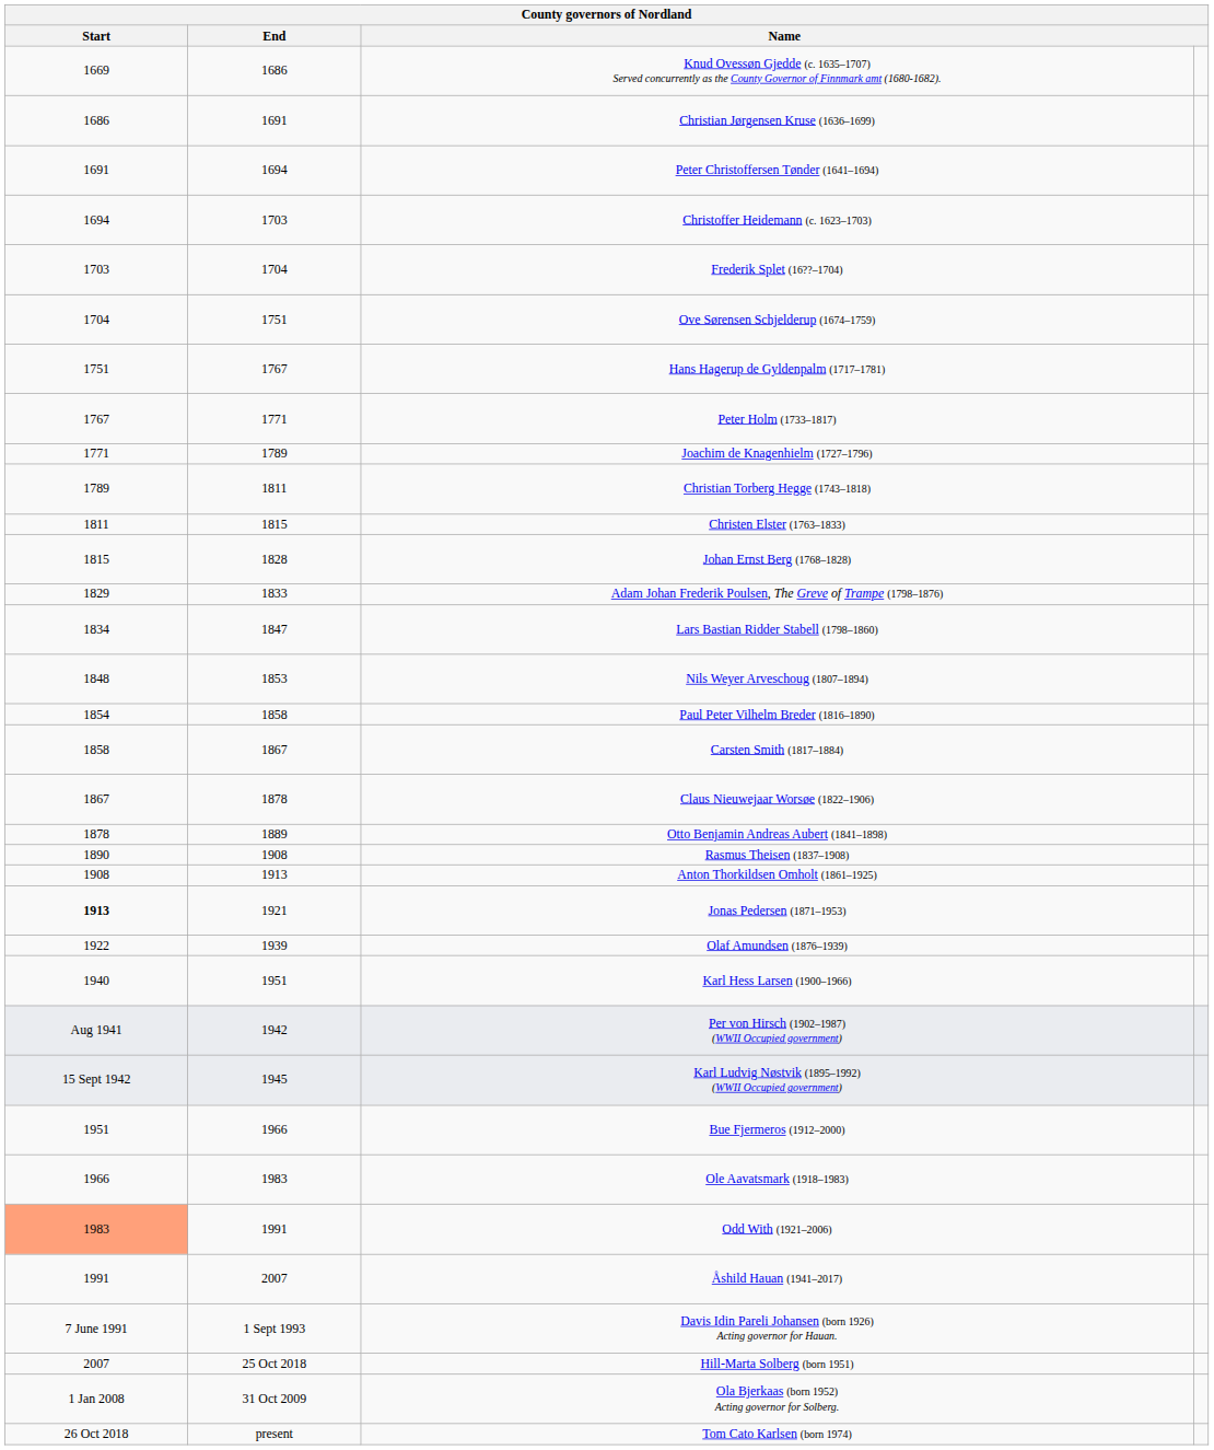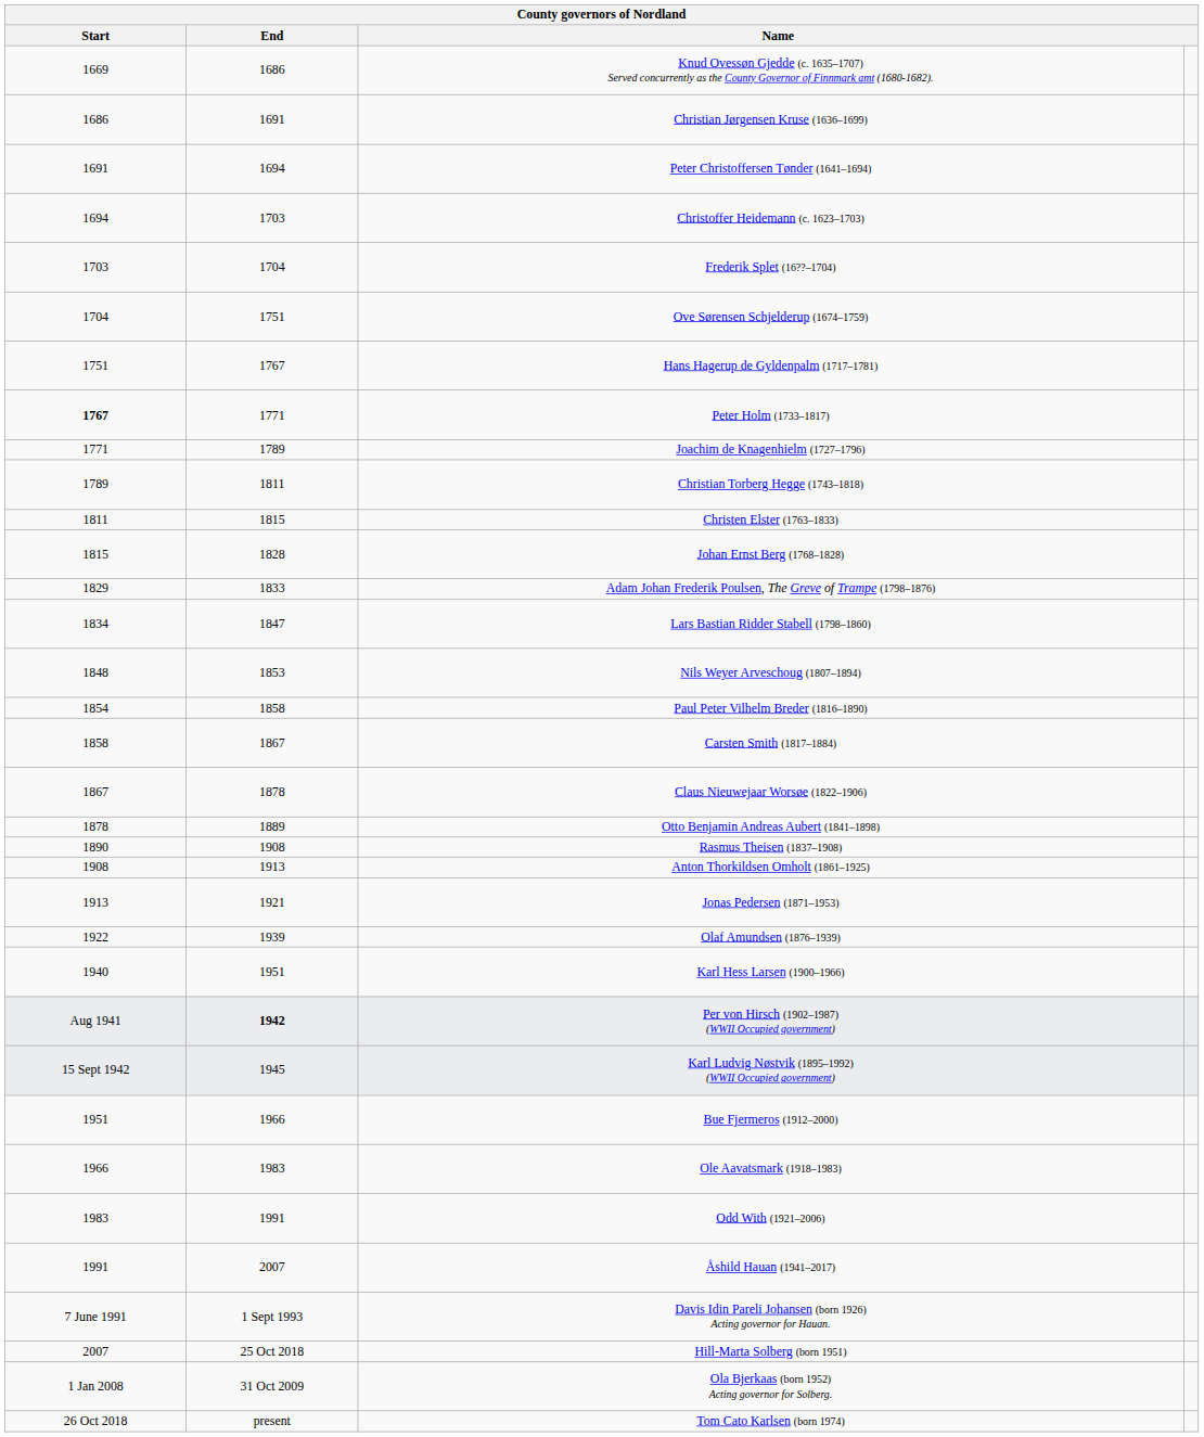 <table class="wikitable" style="text-align:center; width:75%;">
 <tr>
 <th colspan=5>County governors of Nordland</th>
 </tr>
 <tr>
 <th>Start</th>
 <th>End</th>
 <th colspan="2">Name</th>
 </tr>
 <tr>
 <td>1669</td>
 <td>1686</td>
 <td><a href='#'>Knud Ovessøn Gjedde</a> <small>(c. 1635–1707)</small><br><small><em>Served concurrently as the <a href='#'>County Governor of Finnmark amt</a> (1680-1682).</em></small></td>
 <td><br><br><br></td>
 </tr>
 <tr>
 <td>1686</td>
 <td>1691</td>
 <td><a href='#'>Christian Jørgensen Kruse</a> <small>(1636–1699)</small></td>
 <td><br><br><br></td>
 </tr>
 <tr>
 <td>1691</td>
 <td>1694</td>
 <td><a href='#'>Peter Christoffersen Tønder</a> <small>(1641–1694)</small></td>
 <td><br><br><br></td>
 </tr>
 <tr>
 <td>1694</td>
 <td>1703</td>
 <td><a href='#'>Christoffer Heidemann</a> <small>(c. 1623–1703)</small></td>
 <td><br><br><br></td>
 </tr>
 <tr>
 <td>1703</td>
 <td>1704</td>
 <td><a href='#'>Frederik Splet</a> <small>(16??–1704)</small></td>
 <td><br><br><br></td>
 </tr>
 <tr>
 <td>1704</td>
 <td>1751</td>
 <td><a href='#'>Ove Sørensen Schjelderup</a> <small>(1674–1759)</small></td>
 <td><br><br><br></td>
 </tr>
 <tr>
 <td>1751</td>
 <td>1767</td>
 <td><a href='#'>Hans Hagerup de Gyldenpalm</a> <small>(1717–1781)</small></td>
 <td><br><br><br></td>
 </tr>
 <tr>
-<td>1767</td>
+<td><strong>1767</strong></td>
 <td>1771</td>
 <td><a href='#'>Peter Holm</a> <small>(1733–1817)</small></td>
 <td><br><br><br></td>
 </tr>
 <tr>
 <td>1771</td>
 <td>1789</td>
 <td><a href='#'>Joachim de Knagenhielm</a> <small>(1727–1796)</small></td>
 <td></td>
 </tr>
 <tr>
 <td>1789</td>
 <td>1811</td>
 <td><a href='#'>Christian Torberg Hegge</a> <small>(1743–1818)</small></td>
 <td><br><br><br></td>
 </tr>
 <tr>
 <td>1811</td>
 <td>1815</td>
 <td><a href='#'>Christen Elster</a> <small>(1763–1833)</small></td>
 <td></td>
 </tr>
 <tr>
 <td>1815</td>
 <td>1828</td>
 <td><a href='#'>Johan Ernst Berg</a> <small>(1768–1828)</small></td>
 <td><br><br><br></td>
 </tr>
 <tr>
 <td>1829</td>
 <td>1833</td>
 <td><a href='#'>Adam Johan Frederik Poulsen</a>, <em>The <a href='#'>Greve</a> of <a href='#'>Trampe</a></em> <small>(1798–1876)</small></td>
 <td></td>
 </tr>
 <tr>
 <td>1834</td>
 <td>1847</td>
 <td><a href='#'>Lars Bastian Ridder Stabell</a> <small>(1798–1860)</small></td>
 <td><br><br><br></td>
 </tr>
 <tr>
 <td>1848</td>
 <td>1853</td>
 <td><a href='#'>Nils Weyer Arveschoug</a> <small>(1807–1894)</small></td>
 <td><br><br><br></td>
 </tr>
 <tr>
 <td>1854</td>
 <td>1858</td>
 <td><a href='#'>Paul Peter Vilhelm Breder</a> <small>(1816–1890)</small></td>
 <td></td>
 </tr>
 <tr>
 <td>1858</td>
 <td>1867</td>
 <td><a href='#'>Carsten Smith</a> <small>(1817–1884)</small></td>
 <td><br><br><br></td>
 </tr>
 <tr>
 <td>1867</td>
 <td>1878</td>
 <td><a href='#'>Claus Nieuwejaar Worsøe</a> <small>(1822–1906)</small></td>
 <td><br><br><br></td>
 </tr>
 <tr>
 <td>1878</td>
 <td>1889</td>
 <td><a href='#'>Otto Benjamin Andreas Aubert</a> <small>(1841–1898)</small></td>
 <td></td>
 </tr>
 <tr>
 <td>1890</td>
 <td>1908</td>
 <td><a href='#'>Rasmus Theisen</a> <small>(1837–1908)</small></td>
 <td></td>
 </tr>
 <tr>
 <td>1908</td>
 <td>1913</td>
 <td><a href='#'>Anton Thorkildsen Omholt</a> <small>(1861–1925)</small></td>
 <td></td>
 </tr>
 <tr>
-<td><strong>1913</strong></td>
+<td>1913</td>
 <td>1921</td>
 <td><a href='#'>Jonas Pedersen</a> <small>(1871–1953)</small></td>
 <td><br><br><br></td>
 </tr>
 <tr>
 <td>1922</td>
 <td>1939</td>
 <td><a href='#'>Olaf Amundsen</a> <small>(1876–1939)</small></td>
 <td></td>
 </tr>
 <tr>
 <td>1940</td>
 <td>1951</td>
 <td><a href='#'>Karl Hess Larsen</a> <small>(1900–1966)</small></td>
 <td><br><br><br></td>
 </tr>
 <tr bgcolor="#EAECF0">
 <td>Aug 1941</td>
-<td>1942</td>
+<td><strong>1942</strong></td>
 <td><a href='#'>Per von Hirsch</a> <small>(1902–1987)</small><br><small><em>(<a href='#'>WWII Occupied government</a>)</em></small></td>
 <td><br><br><br></td>
 </tr>
 <tr bgcolor="#EAECF0">
 <td>15 Sept 1942</td>
 <td>1945</td>
 <td><a href='#'>Karl Ludvig Nøstvik</a> <small>(1895–1992)</small><br><small><em>(<a href='#'>WWII Occupied government</a>)</em></small></td>
 <td><br><br><br></td>
 </tr>
 <tr>
 <td>1951</td>
 <td>1966</td>
 <td><a href='#'>Bue Fjermeros</a> <small>(1912–2000)</small></td>
 <td><br><br><br></td>
 </tr>
 <tr>
 <td>1966</td>
 <td>1983</td>
 <td><a href='#'>Ole Aavatsmark</a> <small>(1918–1983)</small></td>
 <td><br><br><br></td>
 </tr>
 <tr>
-<td style="background: lightsalmon;">1983</td>
+<td>1983</td>
 <td>1991</td>
 <td><a href='#'>Odd With</a> <small>(1921–2006)</small></td>
 <td><br><br><br></td>
 </tr>
 <tr>
 <td>1991</td>
 <td>2007</td>
 <td><a href='#'>Åshild Hauan</a> <small>(1941–2017)</small></td>
 <td><br><br><br></td>
 </tr>
 <tr>
 <td>7 June 1991</td>
 <td>1 Sept 1993</td>
 <td><a href='#'>Davis Idin Pareli Johansen</a> <small>(born 1926)</small><br><small><em>Acting governor for Hauan.</em></small></td>
 <td><br><br><br></td>
 </tr>
 <tr>
 <td>2007</td>
 <td>25 Oct 2018</td>
 <td><a href='#'>Hill-Marta Solberg</a> <small>(born 1951)</small></td>
 <td></td>
 </tr>
 <tr>
 <td>1 Jan 2008</td>
 <td>31 Oct 2009</td>
 <td><a href='#'>Ola Bjerkaas</a> <small>(born 1952)</small><br><small><em>Acting governor for Solberg.</em></small></td>
 <td><br><br><br></td>
 </tr>
 <tr>
 <td>26 Oct 2018</td>
 <td>present</td>
 <td><a href='#'>Tom Cato Karlsen</a> <small>(born 1974)</small></td>
 <td></td>
 </tr>
 </table>
